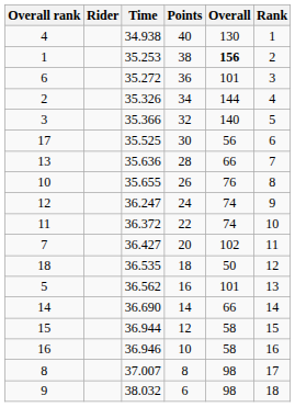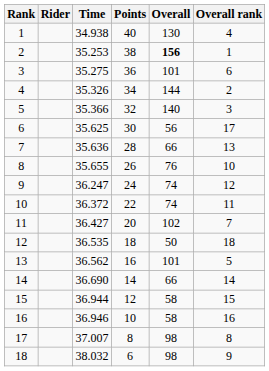 <table class="wikitable sortable" style="text-align:center">
 <tr>
-<th>Overall rank</th>
+<th>Rank</th>
 <th>Rider</th>
 <th>Time</th>
 <th>Points</th>
 <th>Overall</th>
-<th>Rank</th>
+<th>Overall rank</th>
+</tr>
+<tr>
+<td>1</td>
+<td align=left></td>
+<td>34.938</td>
+<td>40</td>
+<td>130</td>
+<td>4</td>
+</tr>
+<tr>
+<td>2</td>
+<td align=left></td>
+<td>35.253</td>
+<td>38</td>
+<td><strong>156</strong></td>
+<td>1</td>
+</tr>
+<tr>
+<td>3</td>
+<td align=left></td>
+<td>35.275</td>
+<td>36</td>
+<td>101</td>
+<td>6</td>
 </tr>
 <tr>
 <td>4</td>
 <td align=left></td>
-<td>34.938</td>
-<td>40</td>
-<td>130</td>
-<td>1</td>
+<td>35.326</td>
+<td>34</td>
+<td>144</td>
+<td>2</td>
 </tr>
 <tr>
-<td>1</td>
+<td>5</td>
 <td align=left></td>
-<td>35.253</td>
-<td>38</td>
-<td><strong>156</strong></td>
-<td>2</td>
+<td>35.366</td>
+<td>32</td>
+<td>140</td>
+<td>3</td>
 </tr>
 <tr>
 <td>6</td>
 <td align=left></td>
-<td>35.272</td>
-<td>36</td>
-<td>101</td>
-<td>3</td>
+<td>35.625</td>
+<td>30</td>
+<td>56</td>
+<td>17</td>
 </tr>
 <tr>
-<td>2</td>
+<td>7</td>
 <td align=left></td>
-<td>35.326</td>
-<td>34</td>
-<td>144</td>
-<td>4</td>
+<td>35.636</td>
+<td>28</td>
+<td>66</td>
+<td>13</td>
 </tr>
 <tr>
-<td>3</td>
+<td>8</td>
 <td align=left></td>
-<td>35.366</td>
-<td>32</td>
-<td>140</td>
-<td>5</td>
+<td>35.655</td>
+<td>26</td>
+<td>76</td>
+<td>10</td>
 </tr>
 <tr>
-<td>17</td>
+<td>9</td>
 <td align=left></td>
-<td>35.525</td>
-<td>30</td>
-<td>56</td>
-<td>6</td>
+<td>36.247</td>
+<td>24</td>
+<td>74</td>
+<td>12</td>
+</tr>
+<tr>
+<td>10</td>
+<td align=left></td>
+<td>36.372</td>
+<td>22</td>
+<td>74</td>
+<td>11</td>
+</tr>
+<tr>
+<td>11</td>
+<td align=left></td>
+<td>36.427</td>
+<td>20</td>
+<td>102</td>
+<td>7</td>
+</tr>
+<tr>
+<td>12</td>
+<td align=left></td>
+<td>36.535</td>
+<td>18</td>
+<td>50</td>
+<td>18</td>
 </tr>
 <tr>
 <td>13</td>
 <td align=left></td>
-<td>35.636</td>
-<td>28</td>
-<td>66</td>
-<td>7</td>
-</tr>
-<tr>
-<td>10</td>
-<td align=left></td>
-<td>35.655</td>
-<td>26</td>
-<td>76</td>
-<td>8</td>
-</tr>
-<tr>
-<td>12</td>
-<td align=left></td>
-<td>36.247</td>
-<td>24</td>
-<td>74</td>
-<td>9</td>
-</tr>
-<tr>
-<td>11</td>
-<td align=left></td>
-<td>36.372</td>
-<td>22</td>
-<td>74</td>
-<td>10</td>
-</tr>
-<tr>
-<td>7</td>
-<td align=left></td>
-<td>36.427</td>
-<td>20</td>
-<td>102</td>
-<td>11</td>
-</tr>
-<tr>
-<td>18</td>
-<td align=left></td>
-<td>36.535</td>
-<td>18</td>
-<td>50</td>
-<td>12</td>
-</tr>
-<tr>
-<td>5</td>
-<td align=left></td>
 <td>36.562</td>
 <td>16</td>
 <td>101</td>
-<td>13</td>
+<td>5</td>
 </tr>
 <tr>
 <td>14</td>
 <td align=left></td>
 <td>36.690</td>
 <td>14</td>
 <td>66</td>
 <td>14</td>
 </tr>
 <tr>
 <td>15</td>
 <td align=left></td>
 <td>36.944</td>
 <td>12</td>
 <td>58</td>
 <td>15</td>
 </tr>
 <tr>
 <td>16</td>
 <td align=left></td>
 <td>36.946</td>
 <td>10</td>
 <td>58</td>
 <td>16</td>
 </tr>
 <tr>
-<td>8</td>
+<td>17</td>
 <td align=left></td>
 <td>37.007</td>
 <td>8</td>
 <td>98</td>
-<td>17</td>
+<td>8</td>
 </tr>
 <tr>
-<td>9</td>
+<td>18</td>
 <td align=left></td>
 <td>38.032</td>
 <td>6</td>
 <td>98</td>
-<td>18</td>
+<td>9</td>
 </tr>
 </table>
